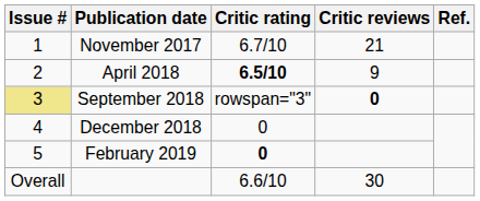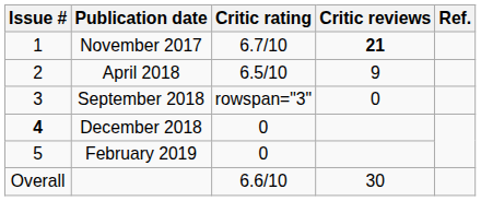 <table class="wikitable" style="text-align: center;">
 <tr>
 <th>Issue #</th>
 <th>Publication date</th>
 <th>Critic rating</th>
 <th>Critic reviews</th>
 <th>Ref.</th>
 </tr>
 <tr>
 <td>1</td>
 <td>November 2017</td>
 <td>6.7/10</td>
-<td>21</td>
+<td><strong>21</strong></td>
 <td></td>
 </tr>
 <tr>
 <td>2</td>
 <td>April 2018</td>
-<td><strong>6.5/10</strong></td>
+<td>6.5/10</td>
 <td>9</td>
 <td></td>
 </tr>
 <tr>
-<td style="background: khaki;">3</td>
+<td>3</td>
 <td>September 2018</td>
 <td>rowspan="3" </td>
-<td><strong>0</strong></td>
+<td>0</td>
 <td></td>
 </tr>
 <tr>
-<td>4</td>
+<td><strong>4</strong></td>
 <td>December 2018</td>
 <td>0</td>
 <td></td>
 </tr>
 <tr>
 <td>5</td>
 <td>February 2019</td>
-<td><strong>0</strong></td>
+<td>0</td>
 <td></td>
 </tr>
 <tr>
 <td>Overall</td>
 <td></td>
 <td>6.6/10</td>
 <td>30</td>
 <td></td>
 </tr>
 </table>
